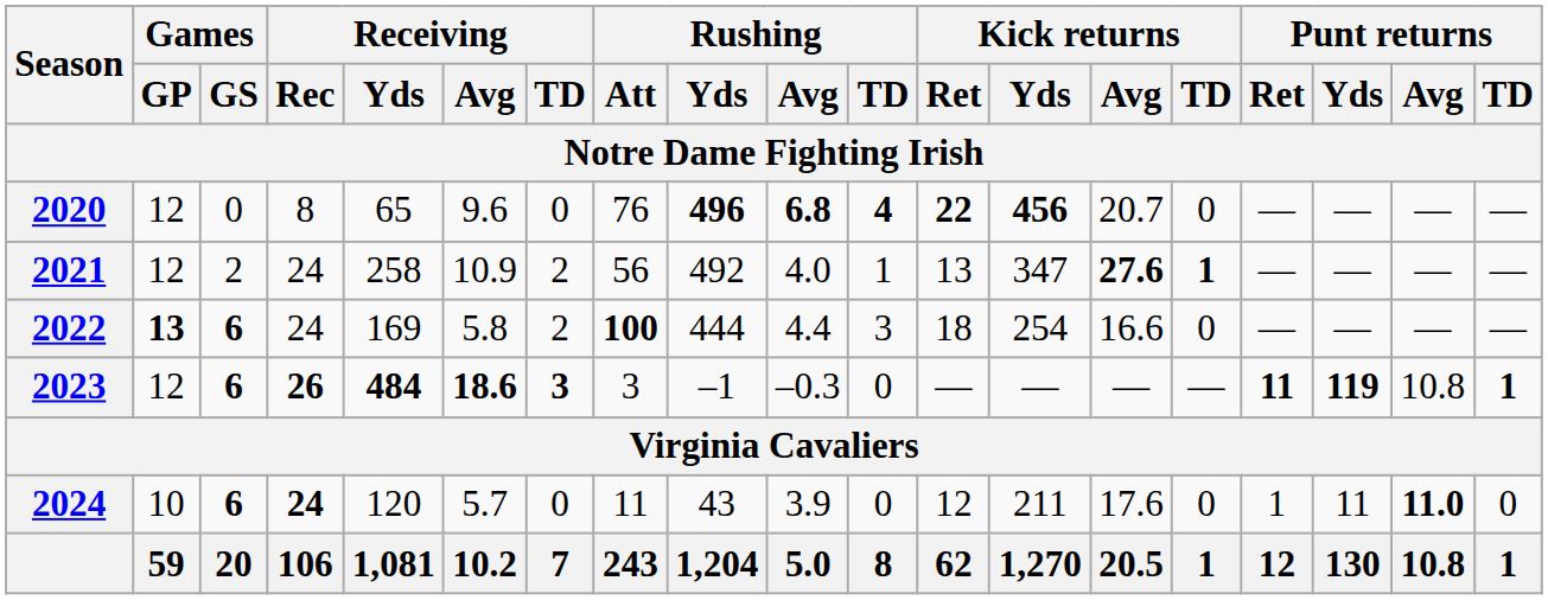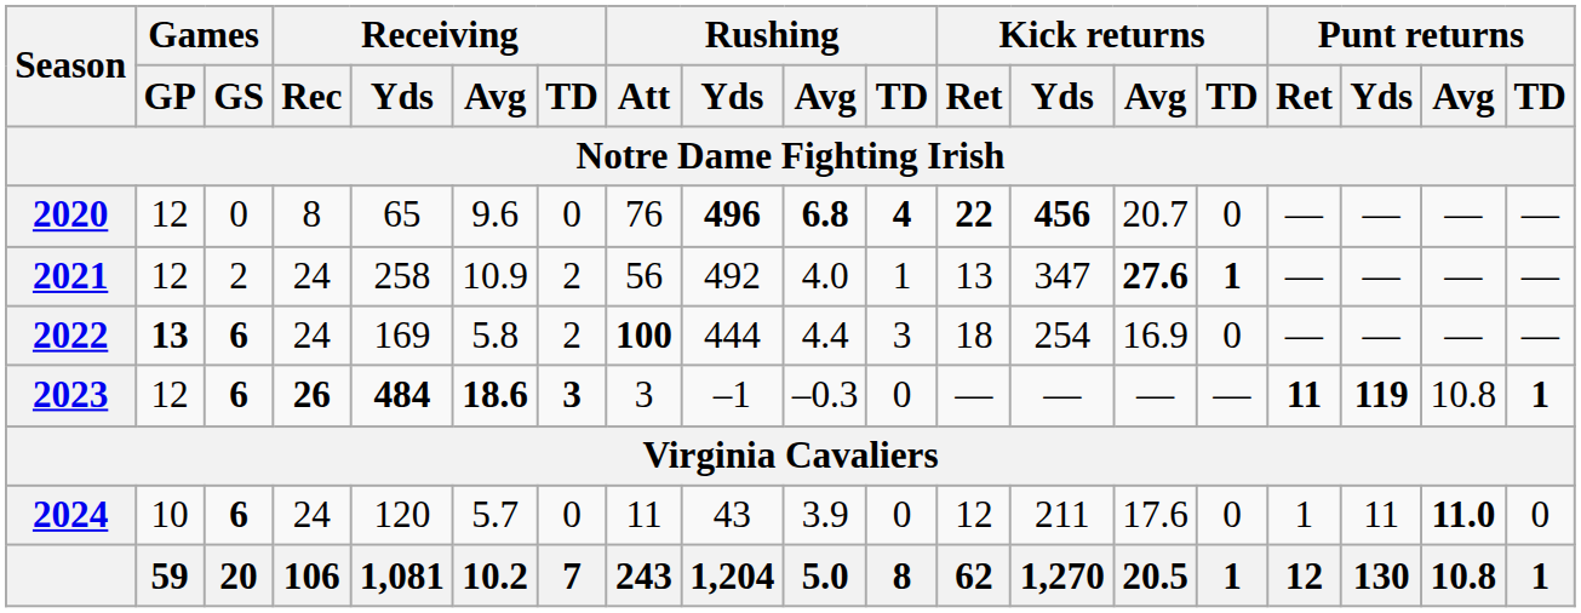 <table class="wikitable" style="text-align:center">
 <tr>
 <th rowspan="2">Season</th>
 <th colspan="2">Games</th>
 <th colspan="4">Receiving</th>
 <th colspan="4">Rushing</th>
 <th colspan="4">Kick returns</th>
 <th colspan="4">Punt returns</th>
 </tr>
 <tr>
 <th>GP</th>
 <th>GS</th>
 <th>Rec</th>
 <th>Yds</th>
 <th>Avg</th>
 <th>TD</th>
 <th>Att</th>
 <th>Yds</th>
 <th>Avg</th>
 <th>TD</th>
 <th>Ret</th>
 <th>Yds</th>
 <th>Avg</th>
 <th>TD</th>
 <th>Ret</th>
 <th>Yds</th>
 <th>Avg</th>
 <th>TD</th>
 </tr>
 <tr>
 <th colspan="20">Notre Dame Fighting Irish</th>
 </tr>
 <tr>
 <th><a href='#'>2020</a></th>
 <td>12</td>
 <td>0</td>
 <td>8</td>
 <td>65</td>
 <td>9.6</td>
 <td>0</td>
 <td>76</td>
 <td><strong>496</strong></td>
 <td><strong>6.8</strong></td>
 <td><strong>4</strong></td>
 <td><strong>22</strong></td>
 <td><strong>456</strong></td>
 <td>20.7</td>
 <td>0</td>
 <td>—</td>
 <td>—</td>
 <td>—</td>
 <td>—</td>
 </tr>
 <tr>
 <th><a href='#'>2021</a></th>
 <td>12</td>
 <td>2</td>
 <td>24</td>
 <td>258</td>
 <td>10.9</td>
 <td>2</td>
 <td>56</td>
 <td>492</td>
 <td>4.0</td>
 <td>1</td>
 <td>13</td>
 <td>347</td>
 <td><strong>27.6</strong></td>
 <td><strong>1</strong></td>
 <td>—</td>
 <td>—</td>
 <td>—</td>
 <td>—</td>
 </tr>
 <tr>
 <th><a href='#'>2022</a></th>
 <td><strong>13</strong></td>
 <td><strong>6</strong></td>
 <td>24</td>
 <td>169</td>
 <td>5.8</td>
 <td>2</td>
 <td><strong>100</strong></td>
 <td>444</td>
 <td>4.4</td>
 <td>3</td>
 <td>18</td>
 <td>254</td>
-<td>16.6</td>
+<td>16.9</td>
 <td>0</td>
 <td>—</td>
 <td>—</td>
 <td>—</td>
 <td>—</td>
 </tr>
 <tr>
 <th><a href='#'>2023</a></th>
 <td>12</td>
 <td><strong>6</strong></td>
 <td><strong>26</strong></td>
 <td><strong>484</strong></td>
 <td><strong>18.6</strong></td>
 <td><strong>3</strong></td>
 <td>3</td>
 <td>–1</td>
 <td>–0.3</td>
 <td>0</td>
 <td>—</td>
 <td>—</td>
 <td>—</td>
 <td>—</td>
 <td><strong>11</strong></td>
 <td><strong>119</strong></td>
 <td>10.8</td>
 <td><strong>1</strong></td>
 </tr>
 <tr>
 <th colspan="20">Virginia Cavaliers</th>
 </tr>
 <tr>
 <th><a href='#'>2024</a></th>
 <td>10</td>
 <td><strong>6</strong></td>
-<td><strong>24</strong></td>
+<td>24</td>
 <td>120</td>
 <td>5.7</td>
 <td>0</td>
 <td>11</td>
 <td>43</td>
 <td>3.9</td>
 <td>0</td>
 <td>12</td>
 <td>211</td>
 <td>17.6</td>
 <td>0</td>
 <td>1</td>
 <td>11</td>
 <td><strong>11.0</strong></td>
 <td>0</td>
 </tr>
 <tr>
 <th></th>
 <th>59</th>
 <th>20</th>
 <th>106</th>
 <th>1,081</th>
 <th>10.2</th>
 <th>7</th>
 <th>243</th>
 <th>1,204</th>
 <th>5.0</th>
 <th>8</th>
 <th>62</th>
 <th>1,270</th>
 <th>20.5</th>
 <th>1</th>
 <th>12</th>
 <th>130</th>
 <th>10.8</th>
 <th>1</th>
 </tr>
 </table>
